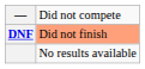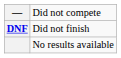 <table class="wikitable">
 <tr>
 <th scope="row">—</th>
 <td>Did not compete</td>
 </tr>
 <tr>
 <th scope="row"><a href='#'>DNF</a></th>
-<td style="background: lightsalmon;">Did not finish</td>
+<td>Did not finish</td>
 </tr>
 <tr>
 <th scope="row"></th>
 <td>No results available</td>
 </tr>
 </table>
